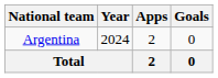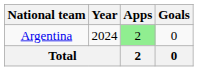 <table class="wikitable" style="text-align:center">
 <tr>
 <th>National team</th>
 <th>Year</th>
 <th>Apps</th>
 <th>Goals</th>
 </tr>
 <tr>
 <td><a href='#'>Argentina</a></td>
 <td>2024</td>
-<td>2</td>
+<td style="background: lightgreen;">2</td>
 <td>0</td>
 </tr>
 <tr>
 <th colspan="2">Total</th>
 <th>2</th>
 <th>0</th>
 </tr>
 </table>
